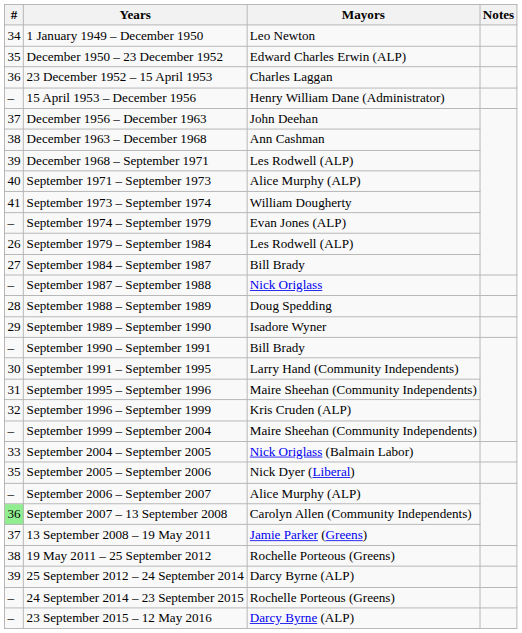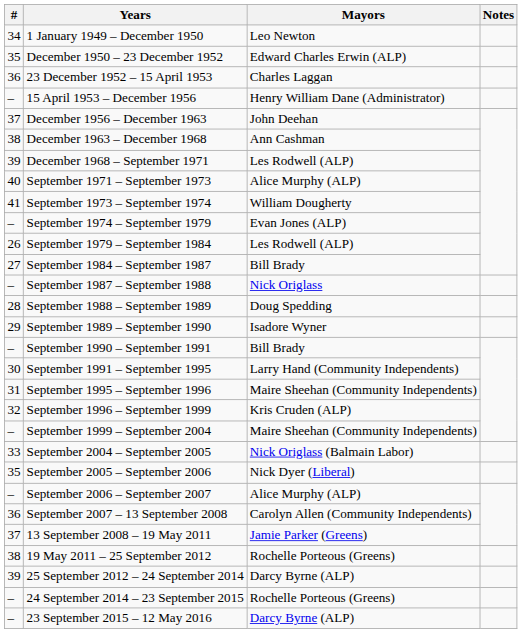 <table class="wikitable">
 <tr>
 <th>#</th>
 <th>Years</th>
 <th>Mayors</th>
 <th>Notes</th>
 </tr>
 <tr>
 <td>34</td>
 <td>1 January 1949 – December 1950</td>
 <td>Leo Newton</td>
 </tr>
 <tr>
 <td>35</td>
 <td>December 1950 – 23 December 1952</td>
 <td>Edward Charles Erwin (ALP)</td>
 <td></td>
 </tr>
 <tr>
 <td>36</td>
 <td>23 December 1952 – 15 April 1953</td>
 <td>Charles Laggan</td>
 <td></td>
 </tr>
 <tr>
 <td>–</td>
 <td>15 April 1953 – December 1956</td>
 <td>Henry William Dane (Administrator)</td>
 <td></td>
 </tr>
 <tr>
 <td>37</td>
 <td>December 1956 – December 1963</td>
 <td>John Deehan</td>
 </tr>
 <tr>
 <td>38</td>
 <td>December 1963 – December 1968</td>
 <td>Ann Cashman</td>
 </tr>
 <tr>
 <td>39</td>
 <td>December 1968 – September 1971</td>
 <td>Les Rodwell (ALP)</td>
 </tr>
 <tr>
 <td>40</td>
 <td>September 1971 – September 1973</td>
 <td>Alice Murphy (ALP)</td>
 </tr>
 <tr>
 <td>41</td>
 <td>September 1973 – September 1974</td>
 <td>William Dougherty</td>
 </tr>
 <tr>
 <td>–</td>
 <td>September 1974 – September 1979</td>
 <td>Evan Jones (ALP)</td>
 </tr>
 <tr>
 <td>26</td>
 <td>September 1979 – September 1984</td>
 <td>Les Rodwell (ALP)</td>
 </tr>
 <tr>
 <td>27</td>
 <td>September 1984 – September 1987</td>
 <td>Bill Brady</td>
 </tr>
 <tr>
 <td>–</td>
 <td>September 1987 – September 1988</td>
 <td><a href='#'>Nick Origlass</a></td>
 <td></td>
 </tr>
 <tr>
 <td>28</td>
 <td>September 1988 – September 1989</td>
 <td>Doug Spedding</td>
 <td></td>
 </tr>
 <tr>
 <td>29</td>
 <td>September 1989 – September 1990</td>
 <td>Isadore Wyner</td>
 <td></td>
 </tr>
 <tr>
 <td>–</td>
 <td>September 1990 – September 1991</td>
 <td>Bill Brady</td>
 </tr>
 <tr>
 <td>30</td>
 <td>September 1991 – September 1995</td>
 <td>Larry Hand (Community Independents)</td>
 </tr>
 <tr>
 <td>31</td>
 <td>September 1995 – September 1996</td>
 <td>Maire Sheehan (Community Independents)</td>
 </tr>
 <tr>
 <td>32</td>
 <td>September 1996 – September 1999</td>
 <td>Kris Cruden (ALP)</td>
 </tr>
 <tr>
 <td>–</td>
 <td>September 1999 – September 2004</td>
 <td>Maire Sheehan (Community Independents)</td>
 </tr>
 <tr>
 <td>33</td>
 <td>September 2004 – September 2005</td>
 <td><a href='#'>Nick Origlass</a> (Balmain Labor)</td>
 <td></td>
 </tr>
 <tr>
 <td>35</td>
 <td>September 2005 – September 2006</td>
 <td>Nick Dyer (<a href='#'>Liberal</a>)</td>
 <td></td>
 </tr>
 <tr>
 <td>–</td>
 <td>September 2006 – September 2007</td>
 <td>Alice Murphy (ALP)</td>
 </tr>
 <tr>
-<td style="background: lightgreen;">36</td>
+<td>36</td>
 <td>September 2007 – 13 September 2008</td>
 <td>Carolyn Allen (Community Independents)</td>
 </tr>
 <tr>
 <td>37</td>
 <td>13 September 2008 – 19 May 2011</td>
 <td><a href='#'>Jamie Parker</a> (<a href='#'>Greens</a>)</td>
 </tr>
 <tr>
 <td>38</td>
 <td>19 May 2011 – 25 September 2012</td>
 <td>Rochelle Porteous (Greens)</td>
 <td></td>
 </tr>
 <tr>
 <td>39</td>
 <td>25 September 2012 – 24 September 2014</td>
 <td>Darcy Byrne (ALP)</td>
 <td></td>
 </tr>
 <tr>
 <td>–</td>
 <td>24 September 2014 – 23 September 2015</td>
 <td>Rochelle Porteous (Greens)</td>
 <td></td>
 </tr>
 <tr>
 <td>–</td>
 <td>23 September 2015 – 12 May 2016</td>
 <td><a href='#'>Darcy Byrne</a> (ALP)</td>
 <td></td>
 </tr>
 </table>
